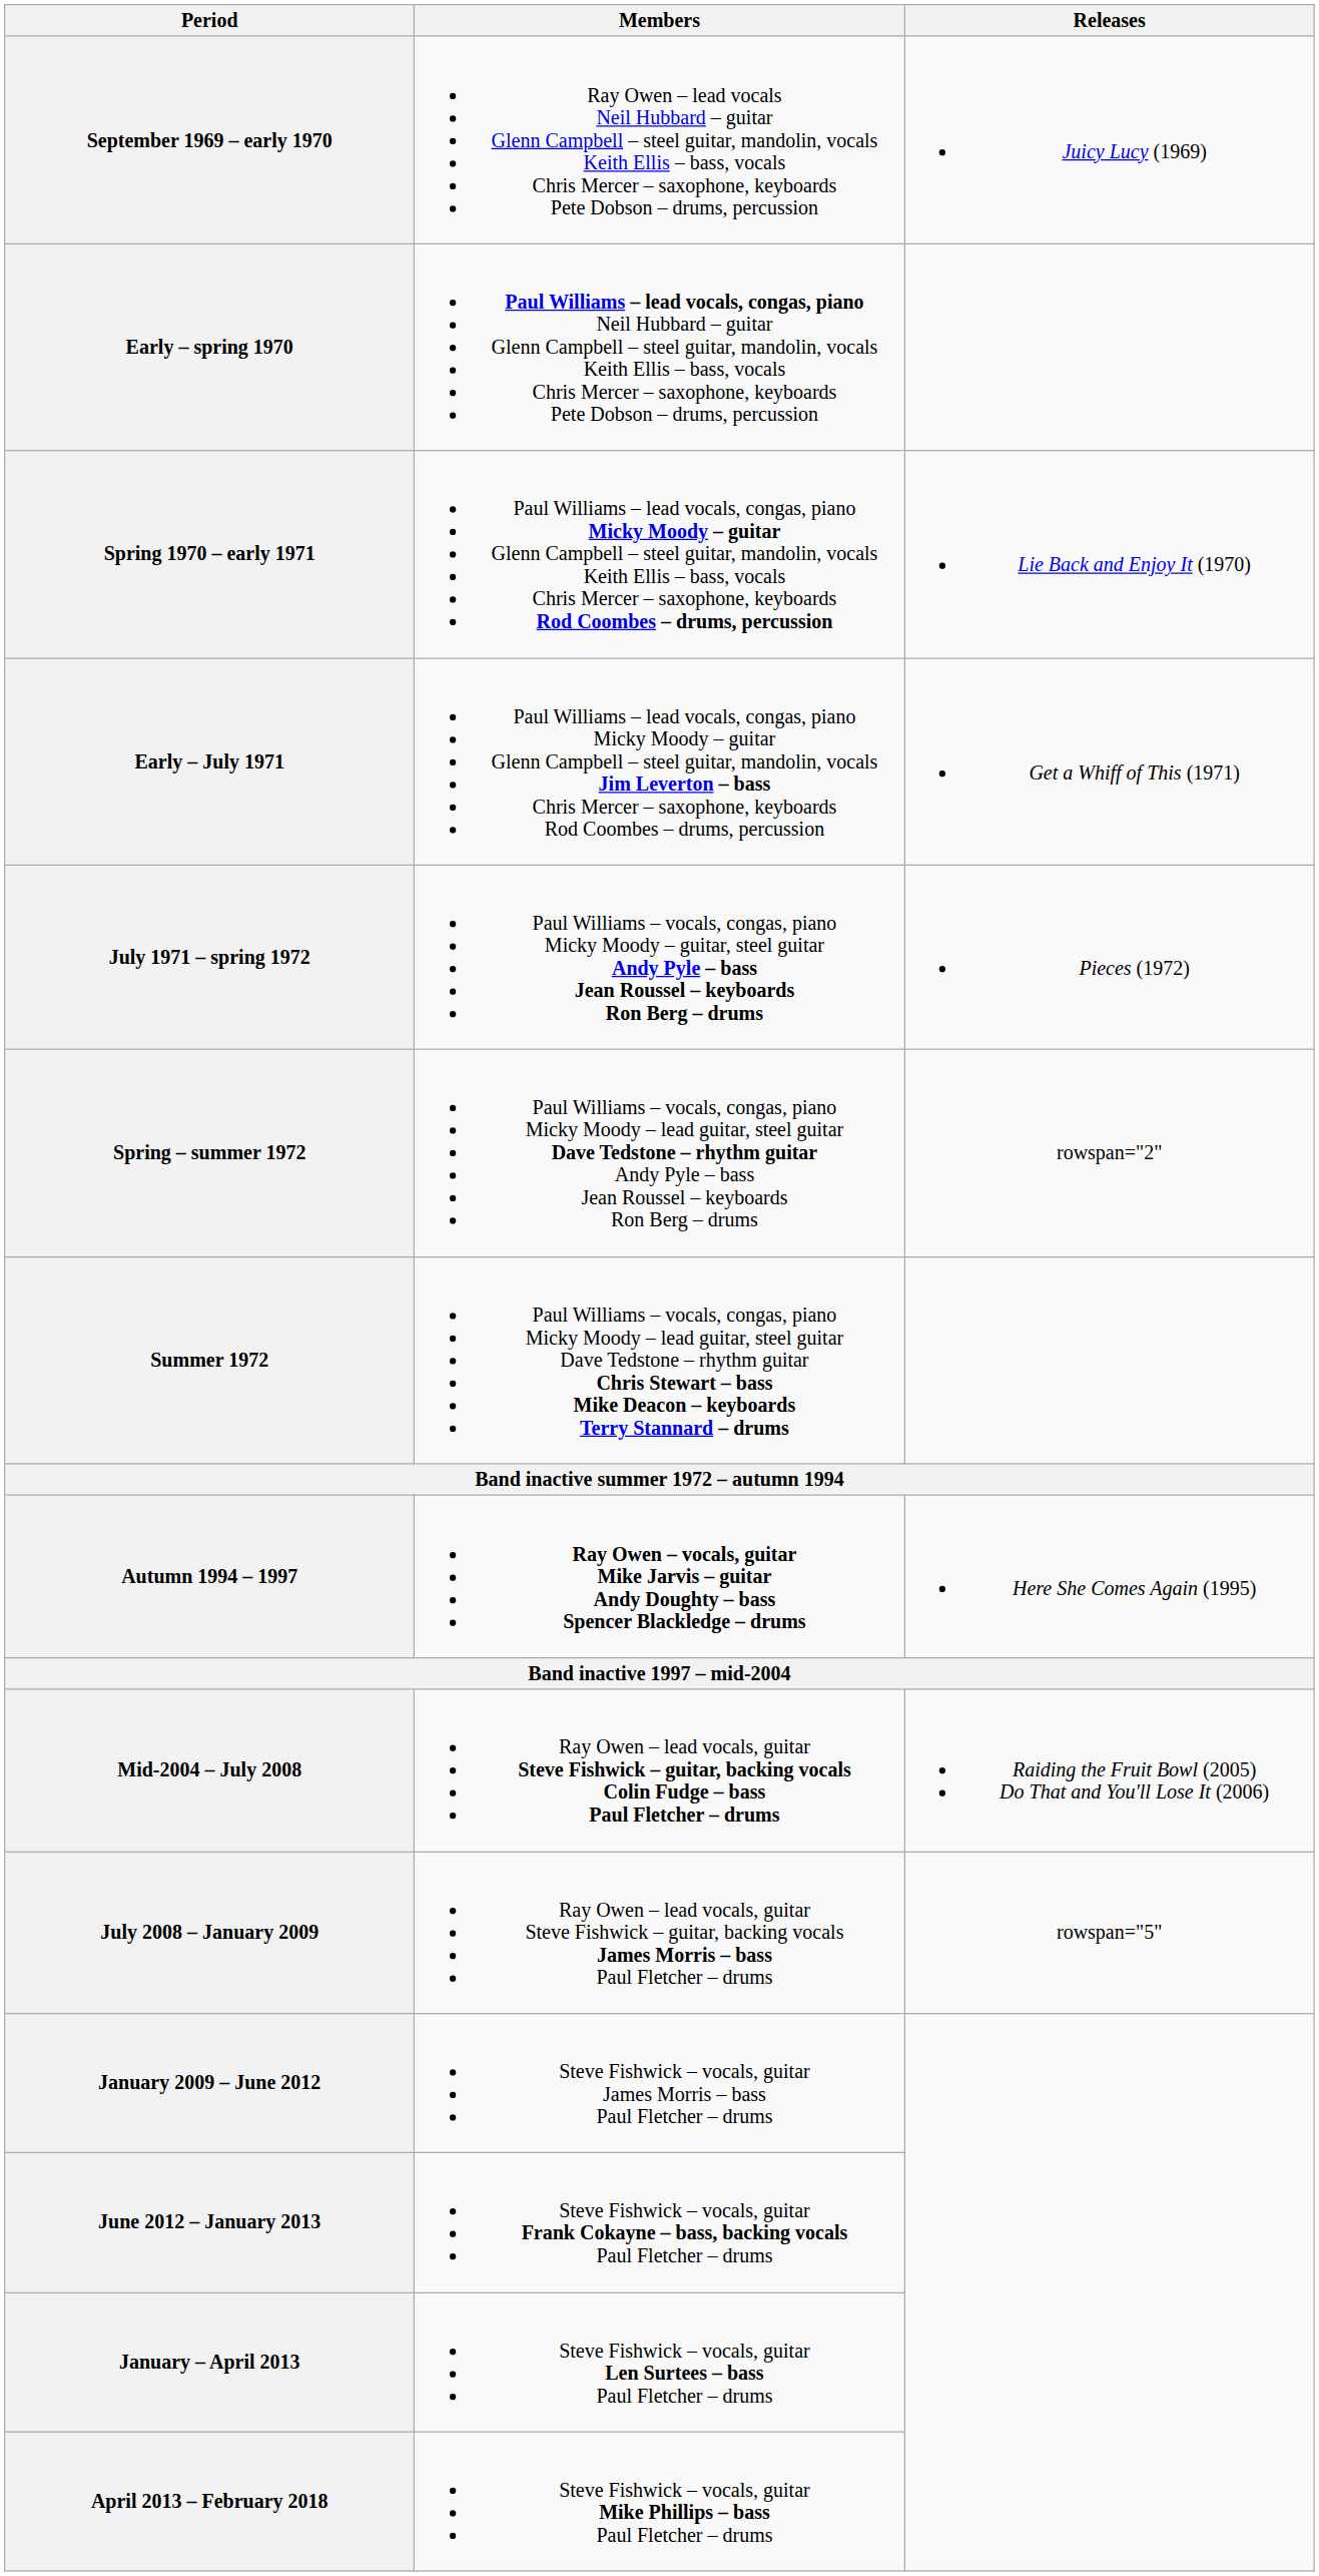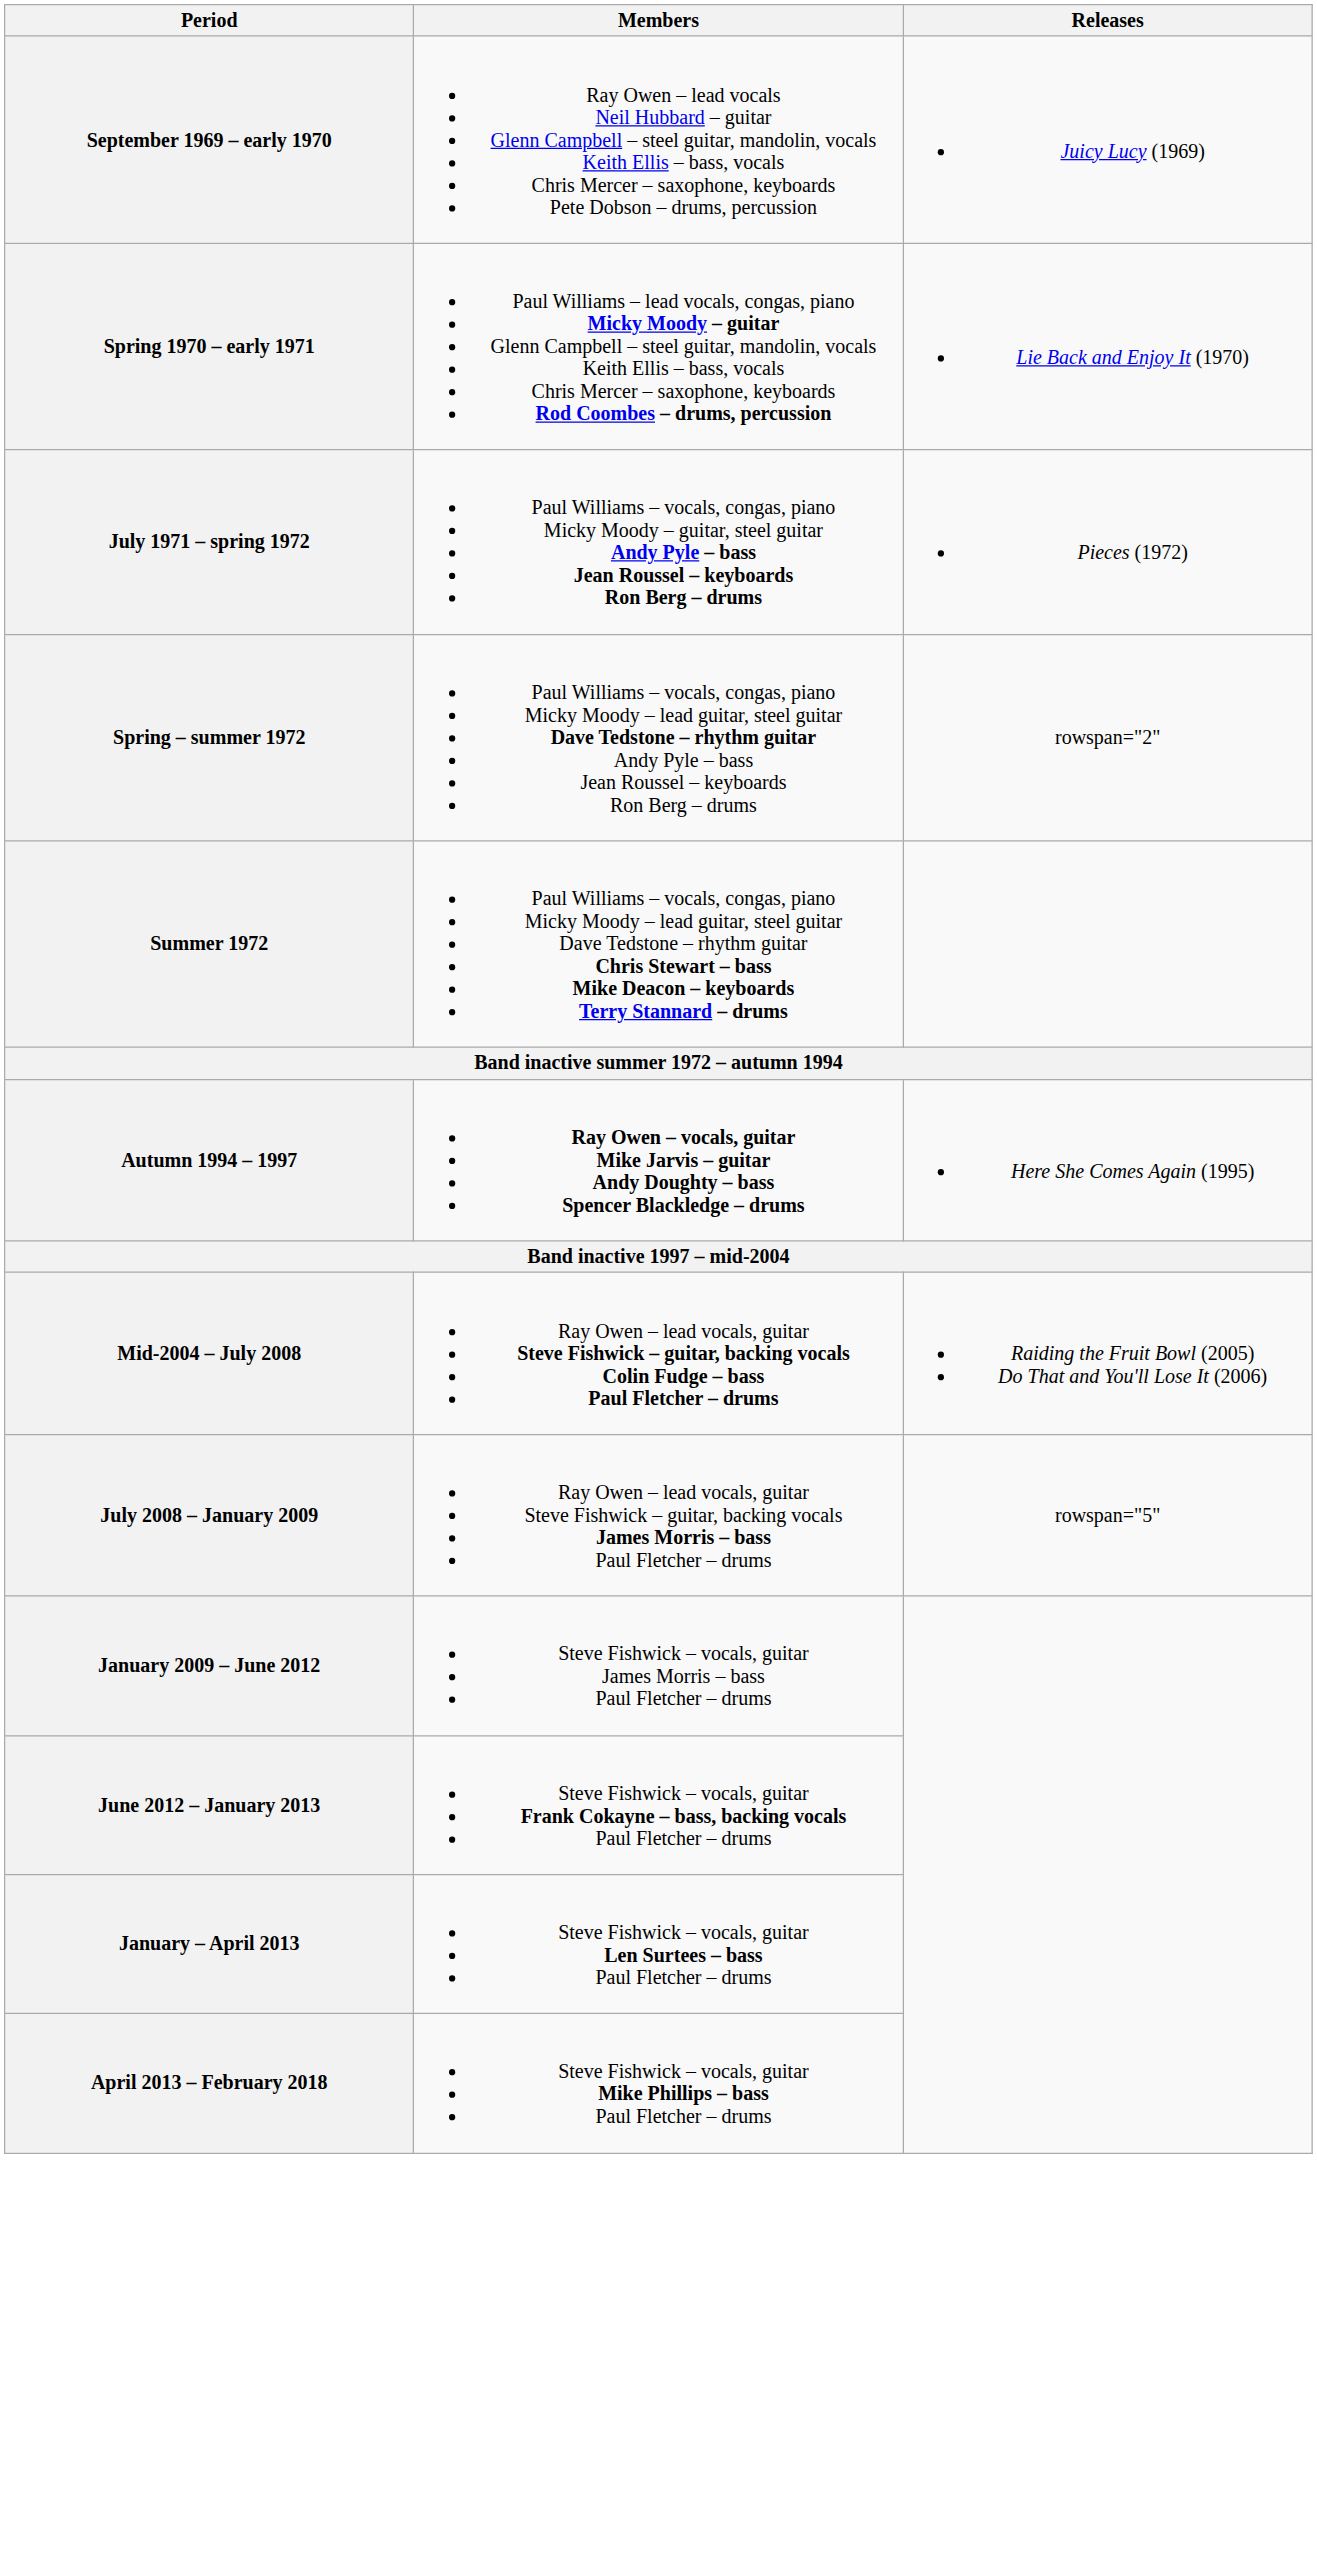 <table class="wikitable plainrowheaders" style="text-align:center;">
 <tr>
 <th scope="col" style="width:20em;">Period</th>
 <th scope="col" style="width:24em;">Members</th>
 <th scope="col" style="width:20em;">Releases</th>
 </tr>
 <tr>
 <th scope="col">September 1969 – early 1970</th>
 <td><br><ul><li>Ray Owen – lead vocals</li><li><a href='#'>Neil Hubbard</a> – guitar</li><li><a href='#'>Glenn Campbell</a> – steel guitar, mandolin, vocals</li><li><a href='#'>Keith Ellis</a> – bass, vocals</li><li>Chris Mercer – saxophone, keyboards</li><li>Pete Dobson – drums, percussion</li></ul></td>
 <td><br><ul><li><em><a href='#'>Juicy Lucy</a></em> (1969)</li></ul></td>
 </tr>
 <tr>
-<th scope="col">Early – spring 1970</th>
-<td><br><ul><li><strong><a href='#'>Paul Williams</a> – lead vocals, congas, piano</strong></li><li>Neil Hubbard – guitar</li><li>Glenn Campbell – steel guitar, mandolin, vocals</li><li>Keith Ellis – bass, vocals</li><li>Chris Mercer – saxophone, keyboards</li><li>Pete Dobson – drums, percussion</li></ul></td>
-<td></td>
-</tr>
-<tr>
 <th scope="col">Spring 1970 – early 1971</th>
 <td><br><ul><li>Paul Williams – lead vocals, congas, piano</li><li><strong><a href='#'>Micky Moody</a> – guitar</strong></li><li>Glenn Campbell – steel guitar, mandolin, vocals</li><li>Keith Ellis – bass, vocals</li><li>Chris Mercer – saxophone, keyboards</li><li><strong><a href='#'>Rod Coombes</a> – drums, percussion</strong></li></ul></td>
 <td><br><ul><li><em><a href='#'>Lie Back and Enjoy It</a></em> (1970)</li></ul></td>
-</tr>
-<tr>
-<th scope="col">Early – July 1971</th>
-<td><br><ul><li>Paul Williams – lead vocals, congas, piano</li><li>Micky Moody – guitar</li><li>Glenn Campbell – steel guitar, mandolin, vocals</li><li><strong><a href='#'>Jim Leverton</a> – bass</strong></li><li>Chris Mercer – saxophone, keyboards</li><li>Rod Coombes – drums, percussion</li></ul></td>
-<td><br><ul><li><em>Get a Whiff of This</em> (1971)</li></ul></td>
 </tr>
 <tr>
 <th scope="col">July 1971 – spring 1972</th>
 <td><br><ul><li>Paul Williams – vocals, congas, piano</li><li>Micky Moody – guitar, steel guitar</li><li><strong><a href='#'>Andy Pyle</a> – bass</strong></li><li><strong>Jean Roussel – keyboards</strong></li><li><strong>Ron Berg – drums</strong></li></ul></td>
 <td><br><ul><li><em>Pieces</em> (1972)</li></ul></td>
 </tr>
 <tr>
 <th scope="col">Spring – summer 1972</th>
 <td><br><ul><li>Paul Williams – vocals, congas, piano</li><li>Micky Moody – lead guitar, steel guitar</li><li><strong>Dave Tedstone – rhythm guitar</strong></li><li>Andy Pyle – bass</li><li>Jean Roussel – keyboards</li><li>Ron Berg – drums</li></ul></td>
 <td>rowspan="2" </td>
 </tr>
 <tr>
 <th scope="col">Summer 1972</th>
 <td><br><ul><li>Paul Williams – vocals, congas, piano</li><li>Micky Moody – lead guitar, steel guitar</li><li>Dave Tedstone – rhythm guitar</li><li><strong>Chris Stewart – bass</strong></li><li><strong>Mike Deacon – keyboards</strong></li><li><strong><a href='#'>Terry Stannard</a> – drums</strong></li></ul></td>
 </tr>
 <tr>
 <th scope="col" colspan="3">Band inactive summer 1972 – autumn 1994</th>
 </tr>
 <tr>
 <th scope="col">Autumn 1994 – 1997</th>
 <td><br><ul><li><strong>Ray Owen – vocals, guitar</strong></li><li><strong>Mike Jarvis – guitar</strong></li><li><strong>Andy Doughty – bass</strong></li><li><strong>Spencer Blackledge – drums</strong></li></ul></td>
 <td><br><ul><li><em>Here She Comes Again</em> (1995)</li></ul></td>
 </tr>
 <tr>
 <th scope="col" colspan="3">Band inactive 1997 – mid-2004</th>
 </tr>
 <tr>
 <th scope="col">Mid-2004 – July 2008</th>
 <td><br><ul><li>Ray Owen – lead vocals, guitar</li><li><strong>Steve Fishwick – guitar, backing vocals</strong></li><li><strong>Colin Fudge – bass</strong></li><li><strong>Paul Fletcher – drums</strong></li></ul></td>
 <td><br><ul><li><em>Raiding the Fruit Bowl</em> (2005)</li><li><em>Do That and You'll Lose It</em> (2006)</li></ul></td>
 </tr>
 <tr>
 <th scope="col">July 2008 – January 2009</th>
 <td><br><ul><li>Ray Owen – lead vocals, guitar</li><li>Steve Fishwick – guitar, backing vocals</li><li><strong>James Morris – bass</strong></li><li>Paul Fletcher – drums</li></ul></td>
 <td>rowspan="5" </td>
 </tr>
 <tr>
 <th scope="col">January 2009 – June 2012</th>
 <td><br><ul><li>Steve Fishwick – vocals, guitar</li><li>James Morris – bass</li><li>Paul Fletcher – drums</li></ul></td>
 </tr>
 <tr>
 <th scope="col">June 2012 – January 2013</th>
 <td><br><ul><li>Steve Fishwick – vocals, guitar</li><li><strong>Frank Cokayne – bass, backing vocals</strong></li><li>Paul Fletcher – drums</li></ul></td>
 </tr>
 <tr>
 <th scope="col">January – April 2013</th>
 <td><br><ul><li>Steve Fishwick – vocals, guitar</li><li><strong>Len Surtees – bass</strong></li><li>Paul Fletcher – drums</li></ul></td>
 </tr>
 <tr>
 <th scope="col">April 2013 – February 2018</th>
 <td><br><ul><li>Steve Fishwick – vocals, guitar</li><li><strong>Mike Phillips – bass</strong></li><li>Paul Fletcher – drums</li></ul></td>
 </tr>
 </table>
